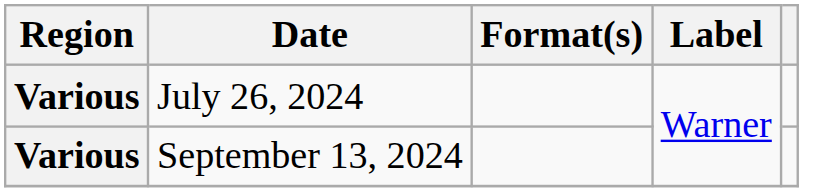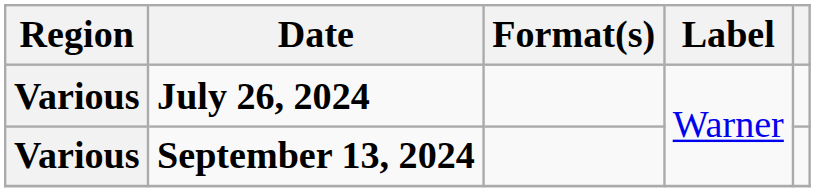 <table class="wikitable plainrowheaders">
 <tr>
 <th scope="col">Region</th>
 <th scope="col">Date</th>
 <th scope="col">Format(s)</th>
 <th scope="col">Label</th>
 <th scope="col"></th>
 </tr>
 <tr>
 <th scope="row">Various</th>
-<td>July 26, 2024</td>
+<td><strong>July 26, 2024</strong></td>
 <td></td>
 <td rowspan="2"><a href='#'>Warner</a></td>
 <td align="center"></td>
 </tr>
 <tr>
 <th scope="row">Various</th>
-<td>September 13, 2024</td>
+<td><strong>September 13, 2024</strong></td>
 <td></td>
 <td align="center"></td>
 </tr>
 <tr>
 </tr>
 </table>
